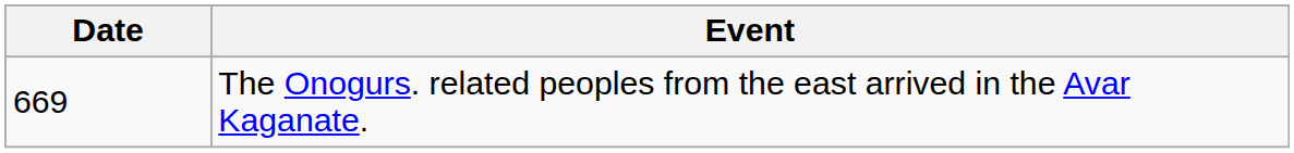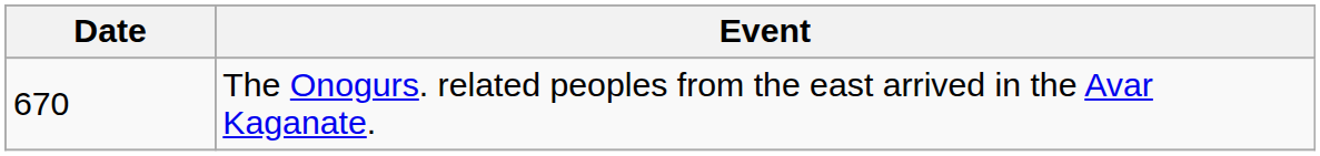 <table class="wikitable" width="100%">
 <tr>
 <th width="16%">Date</th>
 <th width="84%">Event</th>
 </tr>
 <tr>
-<td>669</td>
+<td>670</td>
 <td>The <a href='#'>Onogurs</a>. related peoples from the east arrived in the <a href='#'>Avar Kaganate</a>.</td>
 </tr>
 </table>
